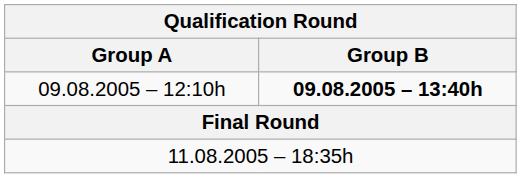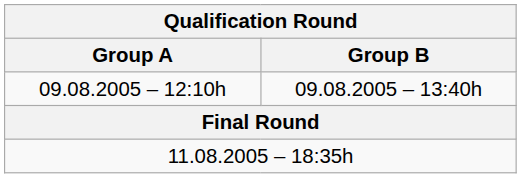 <table class="wikitable" style=" text-align:center; font-size:110%;" width="35%">
 <tr>
 <th colspan="2">Qualification Round</th>
 </tr>
 <tr>
 <th>Group A</th>
 <th>Group B</th>
 </tr>
 <tr>
 <td>09.08.2005 – 12:10h</td>
-<td><strong>09.08.2005 – 13:40h</strong></td>
+<td>09.08.2005 – 13:40h</td>
 </tr>
 <tr>
 <th colspan="2">Final Round</th>
 </tr>
 <tr>
 <td colspan="2">11.08.2005 – 18:35h</td>
 </tr>
 </table>
